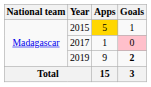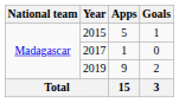 <table class="wikitable" style="text-align:center">
 <tr>
 <th>National team</th>
 <th>Year</th>
 <th>Apps</th>
 <th>Goals</th>
 </tr>
 <tr>
 <td rowspan="3"><a href='#'>Madagascar</a></td>
 <td>2015</td>
-<td style="background: gold;">5</td>
+<td>5</td>
 <td>1</td>
 </tr>
 <tr>
 <td>2017</td>
 <td>1</td>
-<td style="background: pink;">0</td>
+<td>0</td>
 </tr>
 <tr>
 <td>2019</td>
 <td>9</td>
-<td><strong>2</strong></td>
+<td>2</td>
 </tr>
 <tr>
 <th colspan="2">Total</th>
 <th>15</th>
 <th>3</th>
 </tr>
 </table>
